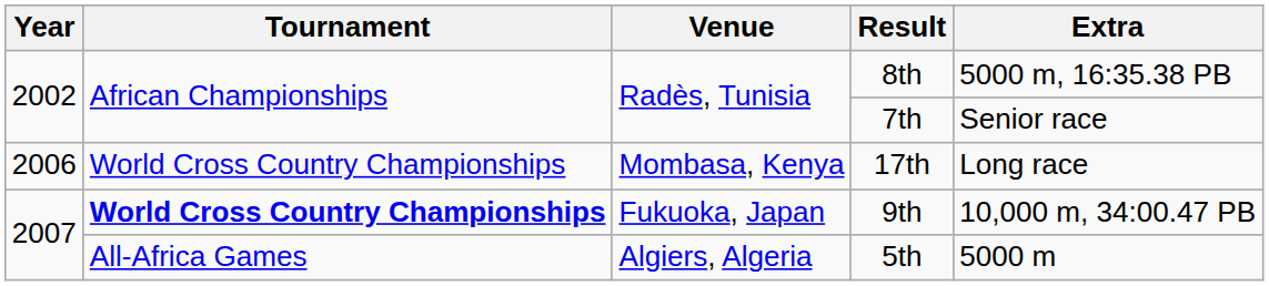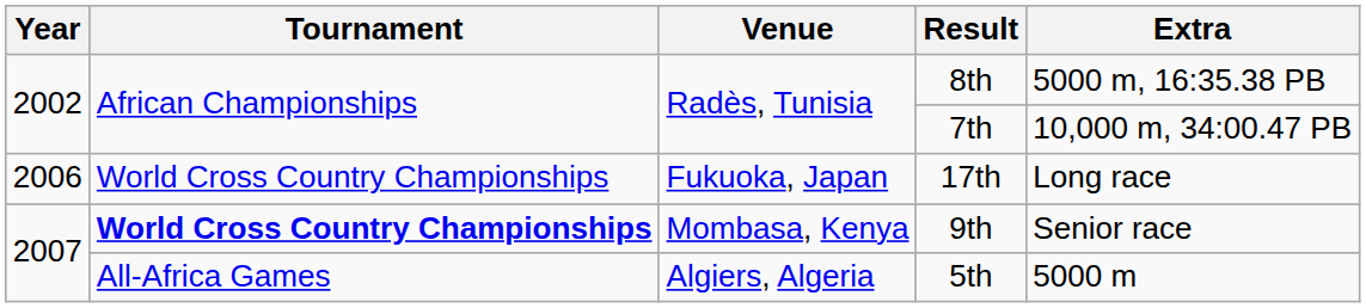 <table class=wikitable>
 <tr>
 <th>Year</th>
 <th>Tournament</th>
 <th>Venue</th>
 <th>Result</th>
 <th>Extra</th>
 </tr>
 <tr>
 <td rowspan=2>2002</td>
 <td rowspan=2><a href='#'>African Championships</a></td>
 <td rowspan=2><a href='#'>Radès</a>, <a href='#'>Tunisia</a></td>
 <td align="center">8th</td>
 <td>5000 m, 16:35.38 PB</td>
 </tr>
 <tr>
 <td align="center">7th</td>
-<td>Senior race</td>
+<td>10,000 m, 34:00.47 PB</td>
 </tr>
 <tr>
 <td>2006</td>
 <td><a href='#'>World Cross Country Championships</a></td>
-<td><a href='#'>Mombasa</a>, <a href='#'>Kenya</a></td>
+<td><a href='#'>Fukuoka</a>, <a href='#'>Japan</a></td>
 <td align="center">17th</td>
 <td>Long race</td>
 </tr>
 <tr>
 <td rowspan=2>2007</td>
 <td><strong><a href='#'>World Cross Country Championships</a></strong></td>
-<td><a href='#'>Fukuoka</a>, <a href='#'>Japan</a></td>
+<td><a href='#'>Mombasa</a>, <a href='#'>Kenya</a></td>
 <td align="center">9th</td>
-<td>10,000 m, 34:00.47 PB</td>
+<td>Senior race</td>
 </tr>
 <tr>
 <td><a href='#'>All-Africa Games</a></td>
 <td><a href='#'>Algiers</a>, <a href='#'>Algeria</a></td>
 <td align="center">5th</td>
 <td>5000 m</td>
 </tr>
 </table>
